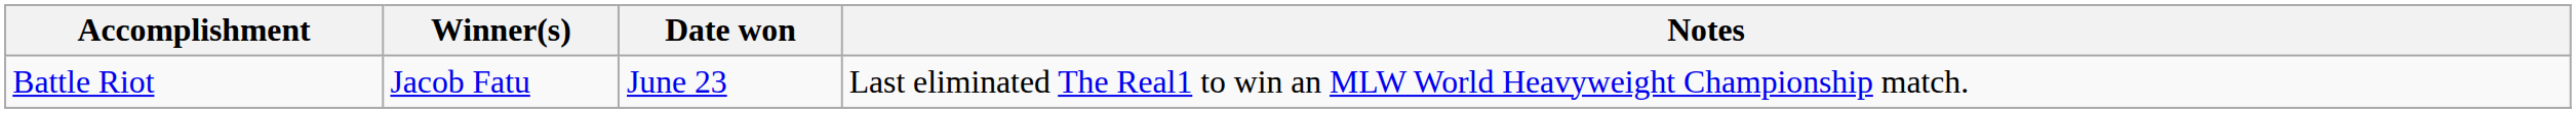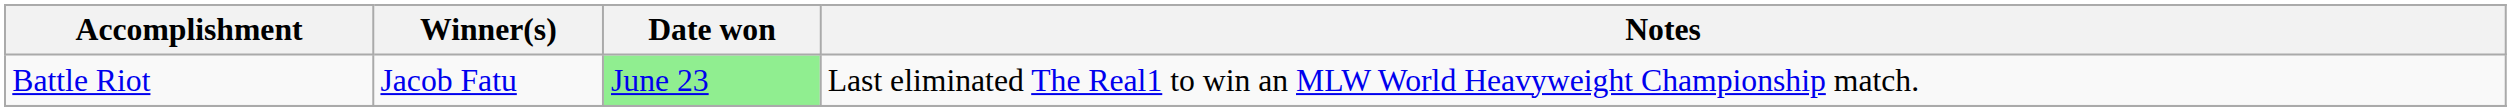 <table class="wikitable" style="width:100%;">
 <tr>
 <th>Accomplishment</th>
 <th>Winner(s)</th>
 <th>Date won</th>
 <th>Notes</th>
 </tr>
 <tr>
 <td><a href='#'>Battle Riot</a></td>
 <td><a href='#'>Jacob Fatu</a></td>
-<td><a href='#'>June 23</a></td>
+<td style="background: lightgreen;"><a href='#'>June 23</a></td>
 <td>Last eliminated <a href='#'>The Real1</a> to win an <a href='#'>MLW World Heavyweight Championship</a> match.</td>
 </tr>
 <tr>
 </tr>
 </table>
